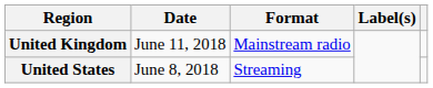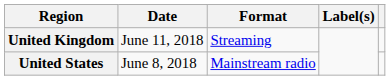 <table class="wikitable plainrowheaders">
 <tr>
 <th scope="col">Region</th>
 <th scope="col">Date</th>
 <th scope="col">Format</th>
 <th scope="col">Label(s)</th>
 <th scope="col"></th>
 </tr>
 <tr>
 <th scope="row">United Kingdom</th>
 <td>June 11, 2018</td>
-<td><a href='#'>Mainstream radio</a></td>
+<td><a href='#'>Streaming</a></td>
 <td rowspan="2"></td>
 <td style="text-align:center;"></td>
 </tr>
 <tr>
 <th scope="row">United States</th>
 <td>June 8, 2018</td>
-<td><a href='#'>Streaming</a></td>
+<td><a href='#'>Mainstream radio</a></td>
 <td style="text-align:center;"></td>
 </tr>
 </table>
